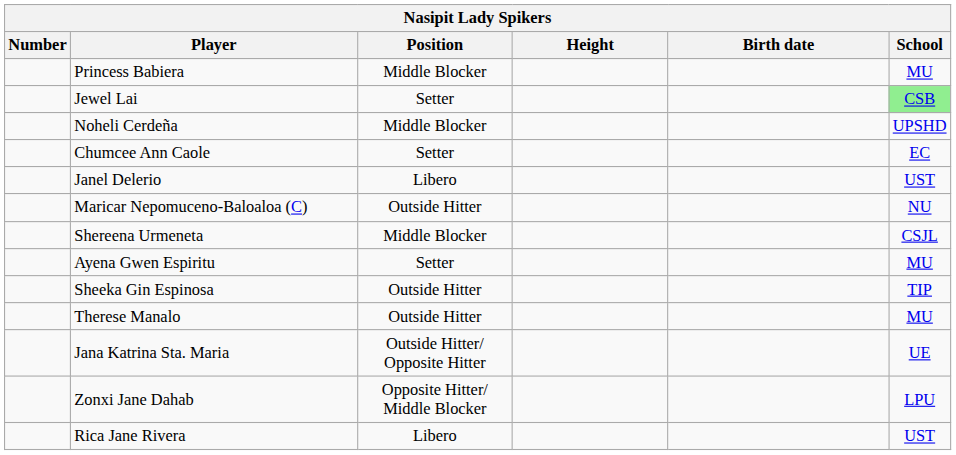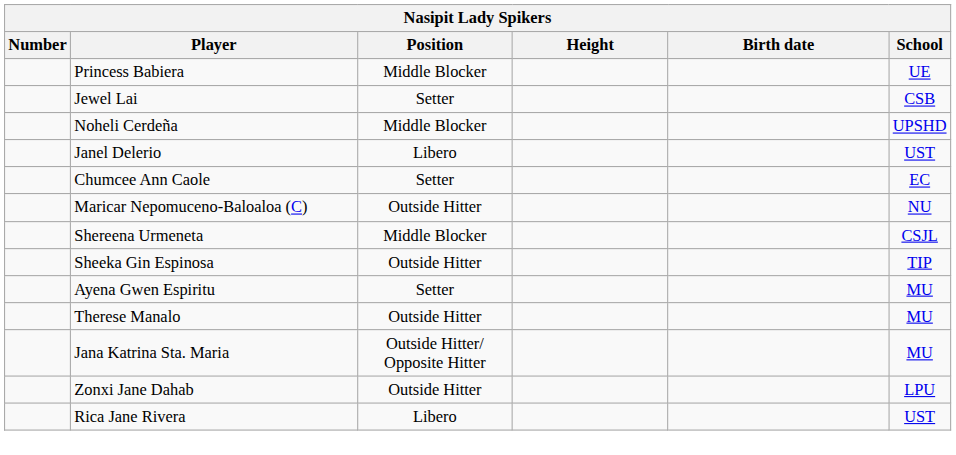 <table class="wikitable sortable" style="font-size:95%; text-align:left;">
 <tr>
 <th colspan="6">Nasipit Lady Spikers</th>
 </tr>
 <tr style="background:#FFFFFF;">
 <th style= "align=center; width:1em;">Number</th>
 <th style= "align=center;width:17em;">Player</th>
 <th style= "align=center; width:9em;">Position</th>
 <th style= "align=center; width:9em;">Height</th>
 <th style= "align=center; width:13em;">Birth date</th>
 <th style= "align=center; width:3em;">School</th>
 </tr>
 <tr align=center>
 <td></td>
 <td align=left> Princess Babiera</td>
 <td>Middle Blocker</td>
 <td></td>
 <td></td>
-<td><a href='#'>MU</a></td>
+<td><a href='#'>UE</a></td>
 </tr>
 <tr align=center>
 <td></td>
 <td align=left> Jewel Lai</td>
 <td>Setter</td>
 <td></td>
 <td></td>
-<td style="background: lightgreen;"><a href='#'>CSB</a></td>
+<td><a href='#'>CSB</a></td>
 </tr>
 <tr align=center>
 <td></td>
 <td align=left> Noheli Cerdeña</td>
 <td>Middle Blocker</td>
 <td></td>
 <td></td>
 <td><a href='#'>UPSHD</a></td>
 </tr>
 <tr align=center>
 <td></td>
+<td align=left> Janel Delerio</td>
+<td>Libero</td>
+<td></td>
+<td></td>
+<td><a href='#'>UST</a></td>
+</tr>
+<tr align=center>
+<td></td>
 <td align=left> Chumcee Ann Caole</td>
 <td>Setter</td>
 <td></td>
 <td></td>
 <td><a href='#'>EC</a></td>
-</tr>
-<tr align=center>
-<td></td>
-<td align=left> Janel Delerio</td>
-<td>Libero</td>
-<td></td>
-<td></td>
-<td><a href='#'>UST</a></td>
 </tr>
 <tr align=center>
 <td></td>
 <td align=left> Maricar Nepomuceno-Baloaloa (<a href='#'>C</a>)</td>
 <td>Outside Hitter</td>
 <td></td>
 <td align=right></td>
 <td><a href='#'>NU</a></td>
 </tr>
 <tr align=center>
 <td></td>
 <td align=left> Shereena Urmeneta</td>
 <td>Middle Blocker</td>
 <td></td>
 <td></td>
 <td><a href='#'>CSJL</a></td>
 </tr>
 <tr align=center>
 <td></td>
+<td align=left> Sheeka Gin Espinosa</td>
+<td>Outside Hitter</td>
+<td></td>
+<td align=right></td>
+<td><a href='#'>TIP</a></td>
+</tr>
+<tr align=center>
+<td></td>
 <td align=left> Ayena Gwen Espiritu</td>
 <td>Setter</td>
 <td></td>
 <td></td>
 <td><a href='#'>MU</a></td>
-</tr>
-<tr align=center>
-<td></td>
-<td align=left> Sheeka Gin Espinosa</td>
-<td>Outside Hitter</td>
-<td></td>
-<td align=right></td>
-<td><a href='#'>TIP</a></td>
 </tr>
 <tr align=center>
 <td></td>
 <td align=left> Therese Manalo</td>
 <td>Outside Hitter</td>
 <td></td>
 <td></td>
 <td><a href='#'>MU</a></td>
 </tr>
 <tr align=center>
 <td></td>
 <td align=left> Jana Katrina Sta. Maria</td>
 <td>Outside Hitter/<br>Opposite Hitter</td>
 <td></td>
 <td align=right></td>
-<td><a href='#'>UE</a></td>
+<td><a href='#'>MU</a></td>
 </tr>
 <tr align=center>
 <td></td>
 <td align=left> Zonxi Jane Dahab</td>
-<td>Opposite Hitter/<br>Middle Blocker</td>
+<td>Outside Hitter</td>
 <td></td>
 <td></td>
 <td><a href='#'>LPU</a></td>
 </tr>
 <tr align=center>
 <td></td>
 <td align=left> Rica Jane Rivera</td>
 <td>Libero</td>
 <td></td>
 <td align=right></td>
 <td><a href='#'>UST</a></td>
 </tr>
 </table>
